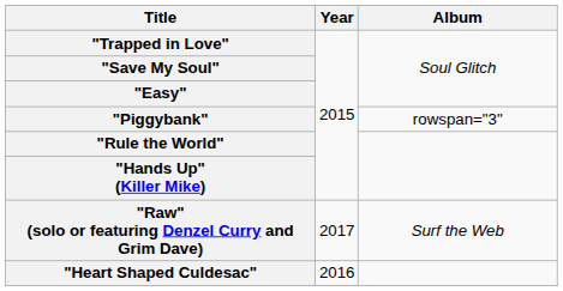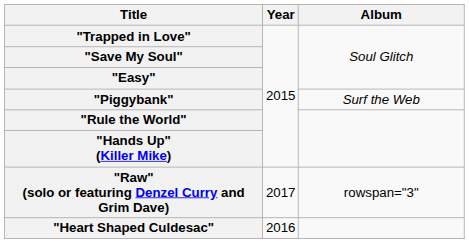 <table class="wikitable plainrowheaders" style="text-align:center;">
 <tr>
 <th scope="col" style="width:19em;">Title</th>
 <th scope="col">Year</th>
 <th scope="col" style="width:12em;">Album</th>
 </tr>
 <tr>
 <th scope="row">"Trapped in Love"</th>
 <td rowspan="6">2015</td>
 <td rowspan="3"><em>Soul Glitch</em></td>
 </tr>
 <tr>
 <th scope="row">"Save My Soul"</th>
 </tr>
 <tr>
 <th scope="row">"Easy"</th>
 </tr>
 <tr>
 <th scope="row">"Piggybank"</th>
-<td>rowspan="3" </td>
+<td><em>Surf the Web</em></td>
 </tr>
 <tr>
 <th scope="row">"Rule the World"</th>
 </tr>
 <tr>
 <th scope="row">"Hands Up"<br><span>(<a href='#'>Killer Mike</a>)</span></th>
 </tr>
 <tr>
 <th scope="row">"Raw"<br><span>(solo or featuring <a href='#'>Denzel Curry</a> and Grim Dave)</span></th>
 <td>2017</td>
-<td><em>Surf the Web</em></td>
+<td>rowspan="3" </td>
 </tr>
 <tr>
 <th scope="row">"Heart Shaped Culdesac"</th>
 <td>2016</td>
 <td></td>
 </tr>
 </table>
